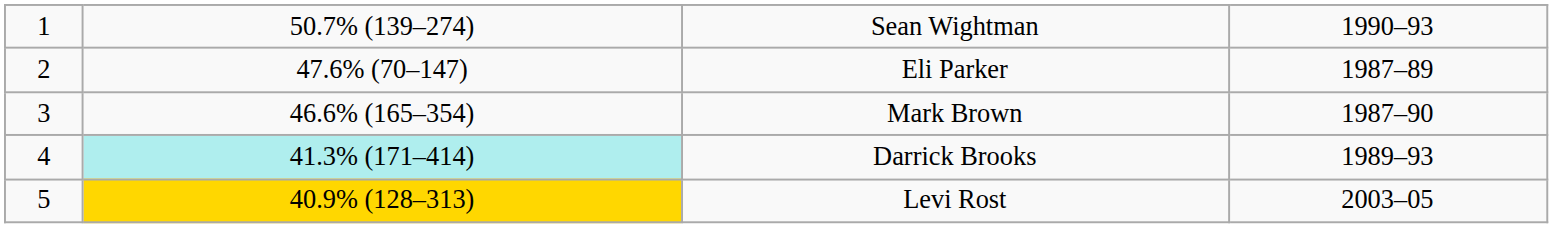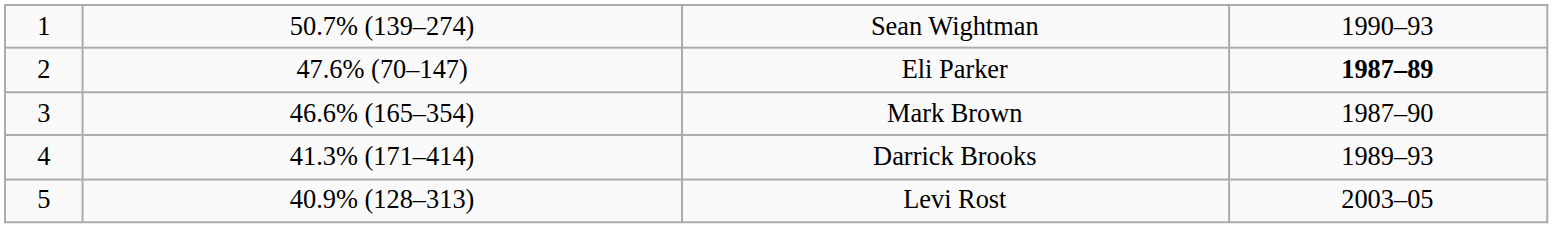 <table class="wikitable" style="font-size:85%; text-align:center; width:90%;">
 <tr>
 <td>1</td>
 <td>50.7% (139–274)</td>
 <td>Sean Wightman</td>
 <td>1990–93</td>
 </tr>
 <tr>
 <td>2</td>
 <td>47.6% (70–147)</td>
 <td>Eli Parker</td>
-<td>1987–89</td>
+<td><strong>1987–89</strong></td>
 </tr>
 <tr>
 <td>3</td>
 <td>46.6% (165–354)</td>
 <td>Mark Brown</td>
 <td>1987–90</td>
 </tr>
 <tr>
 <td>4</td>
-<td style="background: paleturquoise;">41.3% (171–414)</td>
+<td>41.3% (171–414)</td>
 <td>Darrick Brooks</td>
 <td>1989–93</td>
 </tr>
 <tr>
 <td>5</td>
-<td style="background: gold;">40.9% (128–313)</td>
+<td>40.9% (128–313)</td>
 <td>Levi Rost</td>
 <td>2003–05</td>
 </tr>
 </table>
